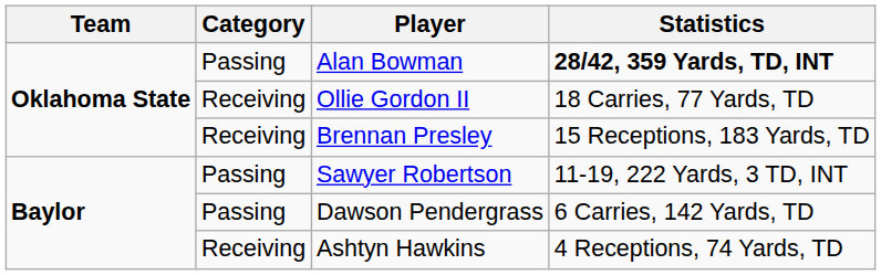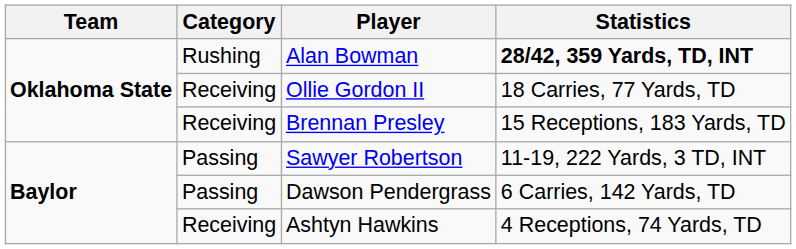 <table class="wikitable" style="float: right;">
 <tr>
 <th>Team</th>
 <th>Category</th>
 <th>Player</th>
 <th>Statistics</th>
 </tr>
 <tr>
 <td rowspan=3><strong>Oklahoma State</strong></td>
-<td>Passing</td>
+<td>Rushing</td>
 <td><a href='#'>Alan Bowman</a></td>
 <td><strong>28/42, 359 Yards, TD, INT</strong></td>
 </tr>
 <tr>
 <td>Receiving</td>
 <td><a href='#'>Ollie Gordon II</a></td>
 <td>18 Carries, 77 Yards, TD</td>
 </tr>
 <tr>
 <td>Receiving</td>
 <td><a href='#'>Brennan Presley</a></td>
 <td>15 Receptions, 183 Yards, TD</td>
 </tr>
 <tr>
 <td rowspan=3><strong>Baylor</strong></td>
 <td>Passing</td>
 <td><a href='#'>Sawyer Robertson</a></td>
 <td>11-19, 222 Yards, 3 TD, INT</td>
 </tr>
 <tr>
 <td>Passing</td>
 <td>Dawson Pendergrass</td>
 <td>6 Carries, 142 Yards, TD</td>
 </tr>
 <tr>
 <td>Receiving</td>
 <td>Ashtyn Hawkins</td>
 <td>4 Receptions, 74 Yards, TD</td>
 </tr>
 </table>
